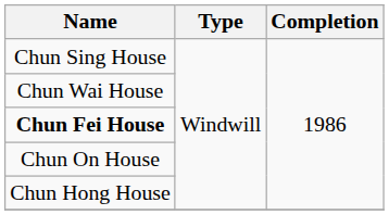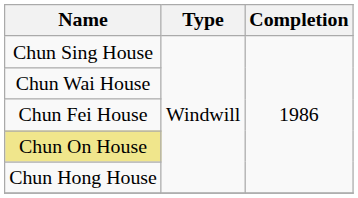 <table class="wikitable" style="text-align: center">
 <tr>
 <th>Name</th>
 <th>Type</th>
 <th>Completion</th>
 </tr>
 <tr>
 <td>Chun Sing House</td>
 <td rowspan="5">Windwill</td>
 <td rowspan="5">1986</td>
 </tr>
 <tr>
 <td>Chun Wai House</td>
 </tr>
 <tr>
-<td><strong>Chun Fei House</strong></td>
+<td>Chun Fei House</td>
 </tr>
 <tr>
-<td>Chun On House</td>
+<td style="background: khaki;">Chun On House</td>
 </tr>
 <tr>
 <td>Chun Hong House</td>
 </tr>
 <tr>
 </tr>
 </table>
